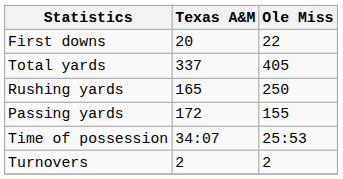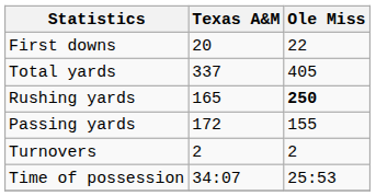 <table class="wikitable" style="float: left;">
 <tr>
 <th>Statistics</th>
 <th>Texas A&M</th>
 <th>Ole Miss</th>
 </tr>
 <tr>
 <td>First downs</td>
 <td>20</td>
 <td>22</td>
 </tr>
 <tr>
 <td>Total yards</td>
 <td>337</td>
 <td>405</td>
 </tr>
 <tr>
 <td>Rushing yards</td>
 <td>165</td>
-<td>250</td>
+<td><strong>250</strong></td>
 </tr>
 <tr>
 <td>Passing yards</td>
 <td>172</td>
 <td>155</td>
 </tr>
 <tr>
+<td>Turnovers</td>
+<td>2</td>
+<td>2</td>
+</tr>
+<tr>
 <td>Time of possession</td>
 <td>34:07</td>
 <td>25:53</td>
 </tr>
 <tr>
-<td>Turnovers</td>
-<td>2</td>
-<td>2</td>
-</tr>
-<tr>
 </tr>
 </table>
